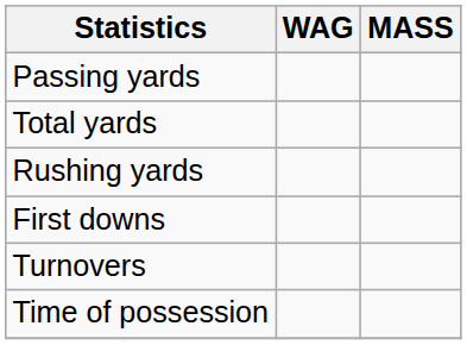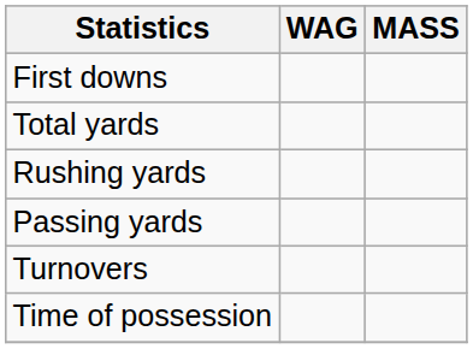 <table class="wikitable" style="float: left;">
 <tr>
 <th>Statistics</th>
 <th>WAG</th>
 <th>MASS</th>
 </tr>
 <tr>
-<td>Passing yards</td>
+<td>First downs</td>
 <td></td>
 <td></td>
 </tr>
 <tr>
 <td>Total yards</td>
 <td></td>
 <td></td>
 </tr>
 <tr>
 <td>Rushing yards</td>
 <td></td>
 <td></td>
 </tr>
 <tr>
-<td>First downs</td>
+<td>Passing yards</td>
 <td></td>
 <td></td>
 </tr>
 <tr>
 <td>Turnovers</td>
 <td></td>
 <td></td>
 </tr>
 <tr>
 <td>Time of possession</td>
 <td></td>
 <td></td>
 </tr>
 <tr>
 </tr>
 </table>
